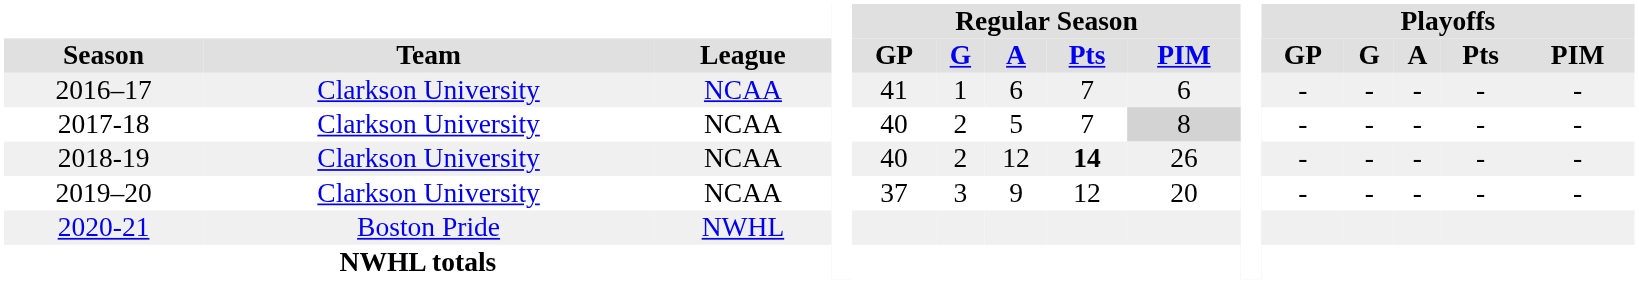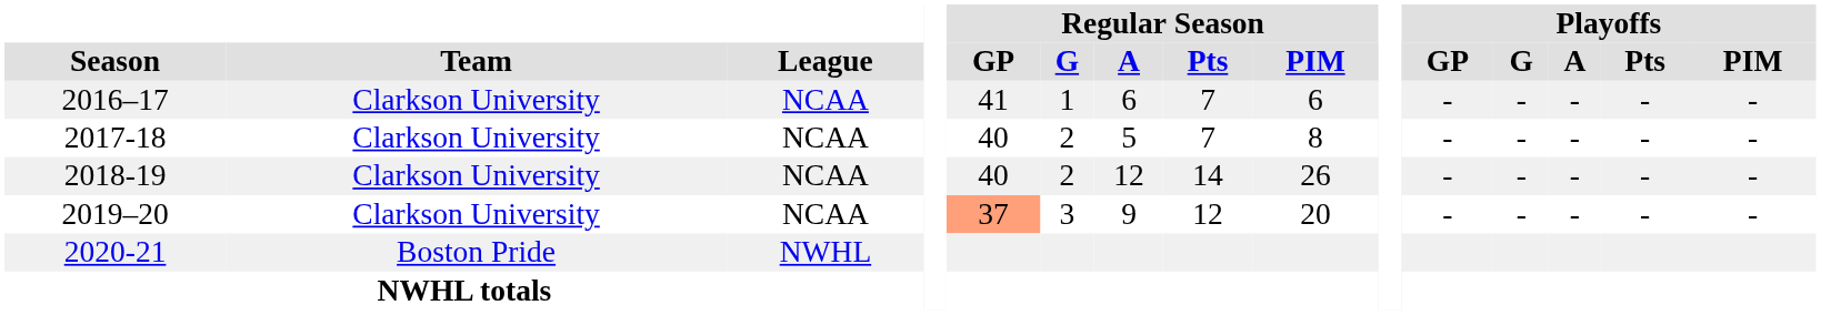 <table border="0" cellpadding="1" cellspacing="0" style="text-align:center; width:75%">
 <tr bgcolor="#e0e0e0">
 <th colspan="3"  bgcolor="#ffffff"> </th>
 <th rowspan="99" bgcolor="#ffffff"> </th>
 <th colspan="5">Regular Season</th>
 <th rowspan="99" bgcolor="#ffffff"> </th>
 <th colspan="5">Playoffs</th>
 </tr>
 <tr bgcolor="#e0e0e0">
 <th>Season</th>
 <th>Team</th>
 <th>League</th>
 <th>GP</th>
 <th><a href='#'>G</a></th>
 <th><a href='#'>A</a></th>
 <th><a href='#'>Pts</a></th>
 <th><a href='#'>PIM</a></th>
 <th>GP</th>
 <th>G</th>
 <th>A</th>
 <th>Pts</th>
 <th>PIM</th>
 </tr>
 <tr>
 </tr>
 <tr bgcolor="#f0f0f0">
 <td>2016–17</td>
 <td><a href='#'>Clarkson University</a></td>
 <td><a href='#'>NCAA</a></td>
 <td>41</td>
 <td>1</td>
 <td>6</td>
 <td>7</td>
 <td>6</td>
 <td>-</td>
 <td>-</td>
 <td>-</td>
 <td>-</td>
 <td>-</td>
 </tr>
 <tr>
 <td>2017-18</td>
 <td><a href='#'>Clarkson University</a></td>
 <td>NCAA</td>
 <td>40</td>
 <td>2</td>
 <td>5</td>
 <td>7</td>
-<td style="background: lightgrey;">8</td>
+<td>8</td>
 <td>-</td>
 <td>-</td>
 <td>-</td>
 <td>-</td>
 <td>-</td>
 </tr>
 <tr bgcolor="#f0f0f0">
 <td>2018-19</td>
 <td><a href='#'>Clarkson University</a></td>
 <td>NCAA</td>
 <td>40</td>
 <td>2</td>
 <td>12</td>
-<td><strong>14</strong></td>
+<td>14</td>
 <td>26</td>
 <td>-</td>
 <td>-</td>
 <td>-</td>
 <td>-</td>
 <td>-</td>
 </tr>
 <tr>
 <td>2019–20</td>
 <td><a href='#'>Clarkson University</a></td>
 <td>NCAA</td>
-<td>37</td>
+<td style="background: lightsalmon;">37</td>
 <td>3</td>
 <td>9</td>
 <td>12</td>
 <td>20</td>
 <td>-</td>
 <td>-</td>
 <td>-</td>
 <td>-</td>
 <td>-</td>
 </tr>
 <tr bgcolor="#f0f0f0">
 <td><a href='#'>2020-21</a></td>
 <td><a href='#'>Boston Pride</a></td>
 <td><a href='#'>NWHL</a></td>
 <td></td>
 <td></td>
 <td></td>
 <td></td>
 <td></td>
 <td></td>
 <td></td>
 <td></td>
 <td></td>
 <td></td>
 </tr>
 <tr>
 <th colspan="3">NWHL totals</th>
 <th></th>
 <th></th>
 <th></th>
 <th></th>
 <th></th>
 <th></th>
 <th></th>
 <th></th>
 <th></th>
 <th></th>
 </tr>
 </table>
